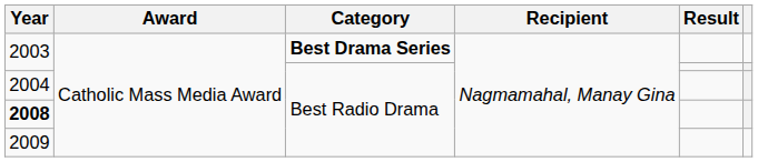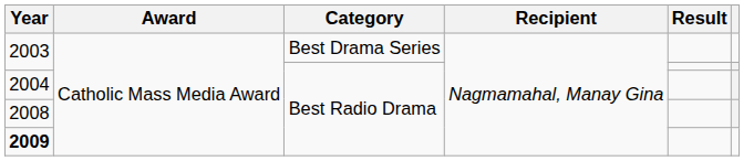 <table class="wikitable">
 <tr>
 <th>Year</th>
 <th>Award</th>
 <th>Category</th>
 <th>Recipient</th>
 <th>Result</th>
 <th></th>
 </tr>
 <tr>
 <td rowspan=2>2003</td>
 <td rowspan=5>Catholic Mass Media Award</td>
-<td><strong>Best Drama Series</strong></td>
+<td>Best Drama Series</td>
 <td rowspan=5><em>Nagmamahal, Manay Gina</em></td>
 <td></td>
 <td></td>
 </tr>
 <tr>
 <td rowspan=4>Best Radio Drama</td>
 <td></td>
 <th></th>
 </tr>
 <tr>
 <td>2004</td>
 <td></td>
 <th></th>
 </tr>
 <tr>
-<td><strong>2008</strong></td>
+<td>2008</td>
 <td></td>
 <th></th>
 </tr>
 <tr>
-<td>2009</td>
+<td><strong>2009</strong></td>
 <td></td>
 <td></td>
 </tr>
 </table>
